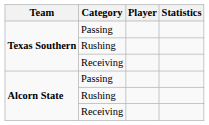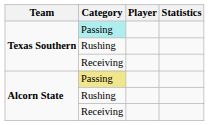 <table class="wikitable" style="float: right;">
 <tr>
 <th>Team</th>
 <th>Category</th>
 <th>Player</th>
 <th>Statistics</th>
 </tr>
 <tr>
 <td rowspan=3><strong>Texas Southern</strong></td>
-<td>Passing</td>
+<td style="background: paleturquoise;">Passing</td>
 <td></td>
 <td></td>
 </tr>
 <tr>
 <td>Rushing</td>
 <td></td>
 <td></td>
 </tr>
 <tr>
 <td>Receiving</td>
 <td></td>
 <td></td>
 </tr>
 <tr>
 <td rowspan=3><strong>Alcorn State</strong></td>
-<td>Passing</td>
+<td style="background: khaki;">Passing</td>
 <td></td>
 <td></td>
 </tr>
 <tr>
 <td>Rushing</td>
 <td></td>
 <td></td>
 </tr>
 <tr>
 <td>Receiving</td>
 <td></td>
 <td></td>
 </tr>
 </table>
